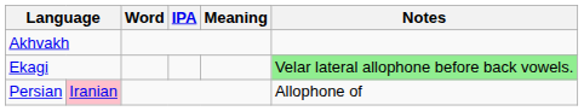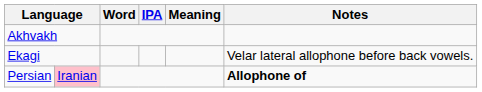 <table class="wikitable">
 <tr>
 <th colspan="2">Language</th>
 <th>Word</th>
 <th><a href='#'>IPA</a></th>
 <th>Meaning</th>
 <th>Notes</th>
 </tr>
 <tr>
 <td colspan="2"><a href='#'>Akhvakh</a></td>
 <td colspan=3 align=center></td>
 </tr>
 <tr>
 <td colspan="2"><a href='#'>Ekagi</a></td>
 <td></td>
 <td></td>
 <td></td>
-<td style="background: lightgreen;">Velar lateral allophone  before back vowels.</td>
+<td>Velar lateral allophone  before back vowels.</td>
 </tr>
 <tr>
 <td><a href='#'>Persian</a></td>
 <td style="background: pink;"><a href='#'>Iranian</a></td>
 <td colspan="3"></td>
-<td>Allophone of </td>
+<td><strong>Allophone of </strong></td>
 </tr>
 </table>
